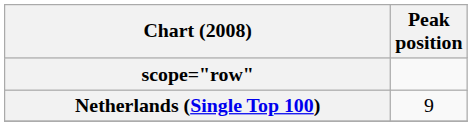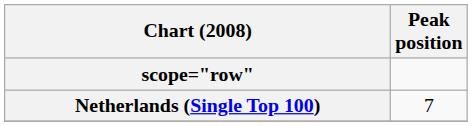 <table class="wikitable sortable plainrowheaders">
 <tr>
 <th scope="col" style="width:19em;">Chart (2008)</th>
 <th scope="col">Peak<br>position</th>
 </tr>
 <tr>
 <th>scope="row" </th>
 </tr>
 <tr>
 <th scope="row">Netherlands (<a href='#'>Single Top 100</a>)</th>
-<td style="text-align:center;">9</td>
+<td style="text-align:center;">7</td>
 </tr>
 <tr>
 </tr>
 </table>
